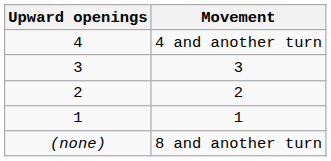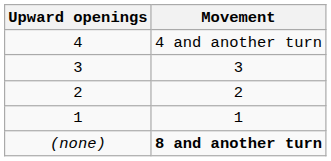 <table class="wikitable" style="text-align:center">
 <tr>
 <th>Upward openings</th>
 <th>Movement</th>
 </tr>
 <tr>
 <td>4</td>
 <td>4 and another turn</td>
 </tr>
 <tr>
 <td>3</td>
 <td>3</td>
 </tr>
 <tr>
 <td>2</td>
 <td>2</td>
 </tr>
 <tr>
 <td>1</td>
 <td>1</td>
 </tr>
 <tr>
 <td><em>(none)</em></td>
-<td>8 and another turn</td>
+<td><strong>8 and another turn</strong></td>
 </tr>
 </table>
